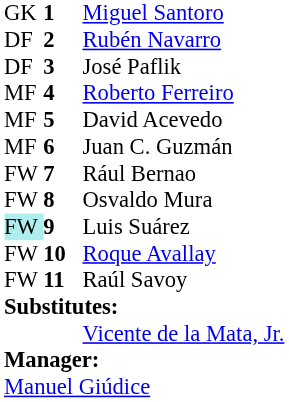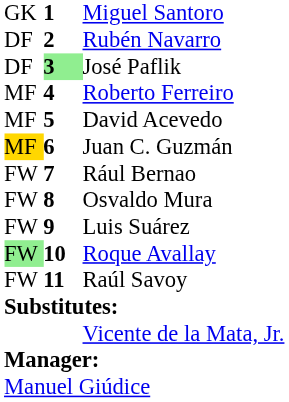 <table cellspacing="0" cellpadding="0" style="font-size:90%; margin:0.2em auto;">
 <tr>
 <th width="25"></th>
 <th width="25"></th>
 </tr>
 <tr>
 <td>GK</td>
 <td><strong>1</strong></td>
 <td> <a href='#'>Miguel Santoro</a></td>
 </tr>
 <tr>
 <td>DF</td>
 <td><strong>2</strong></td>
 <td> <a href='#'>Rubén Navarro</a></td>
 </tr>
 <tr>
 <td>DF</td>
-<td><strong>3</strong></td>
+<td style="background: lightgreen;"><strong>3</strong></td>
 <td> José Paflik</td>
 </tr>
 <tr>
 <td>MF</td>
 <td><strong>4</strong></td>
 <td> <a href='#'>Roberto Ferreiro</a></td>
 </tr>
 <tr>
 <td>MF</td>
 <td><strong>5</strong></td>
 <td> David Acevedo</td>
 </tr>
 <tr>
-<td>MF</td>
+<td style="background: gold;">MF</td>
 <td><strong>6</strong></td>
 <td> Juan C. Guzmán</td>
 </tr>
 <tr>
 <td>FW</td>
 <td><strong>7</strong></td>
 <td> Rául Bernao</td>
 </tr>
 <tr>
 <td>FW</td>
 <td><strong>8</strong></td>
 <td> Osvaldo Mura</td>
 </tr>
 <tr>
-<td style="background: paleturquoise;">FW</td>
+<td>FW</td>
 <td><strong>9</strong></td>
 <td> Luis Suárez</td>
 </tr>
 <tr>
-<td>FW</td>
+<td style="background: lightgreen;">FW</td>
 <td><strong>10</strong></td>
 <td> <a href='#'>Roque Avallay</a></td>
 <td></td>
 <td></td>
 </tr>
 <tr>
 <td>FW</td>
 <td><strong>11</strong></td>
 <td> Raúl Savoy</td>
 </tr>
 <tr>
 <td colspan=3><strong>Substitutes:</strong></td>
 </tr>
 <tr>
 <td></td>
 <td></td>
 <td> <a href='#'>Vicente de la Mata, Jr.</a></td>
 <td></td>
 <td></td>
 </tr>
 <tr>
 <td colspan=3><strong>Manager:</strong></td>
 </tr>
 <tr>
 <td colspan=4> <a href='#'>Manuel Giúdice</a></td>
 </tr>
 </table>
